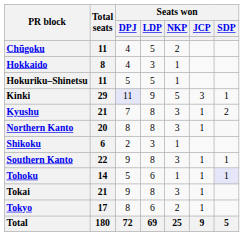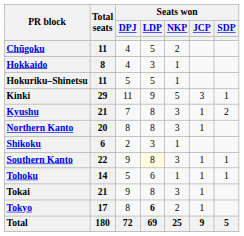 <table class="wikitable" style="text-align:center; font-size: 0.9em;">
 <tr>
 <th rowspan="3">PR block</th>
 <th rowspan="3">Total<br>seats</th>
 <th colspan="5">Seats won</th>
 </tr>
 <tr>
 <th class="unsortable" style="width:30px;"><a href='#'>DPJ</a></th>
 <th class="unsortable" style="width:30px;"><a href='#'>LDP</a></th>
 <th class="unsortable" style="width:30px;"><a href='#'>NKP</a></th>
 <th class="unsortable" style="width:30px;"><a href='#'>JCP</a></th>
 <th class="unsortable" style="width:30px;"><a href='#'>SDP</a></th>
 </tr>
 <tr>
 <th style="background:"></th>
 <th style="background:"></th>
 <th style="background:"></th>
 <th style="background:"></th>
 <th style="background:"></th>
 </tr>
 <tr>
 <th style="text-align: left;"><a href='#'>Chūgoku</a></th>
 <th>11</th>
 <td>4</td>
 <td>5</td>
 <td>2</td>
 <td></td>
 <td></td>
 </tr>
 <tr>
 <th style="text-align: left;"><a href='#'>Hokkaido</a></th>
 <th>8</th>
 <td>4</td>
 <td>3</td>
 <td>1</td>
 <td></td>
 <td></td>
 </tr>
 <tr>
 <th style="text-align: left;">Hokuriku–Shinetsu</th>
 <th>11</th>
 <td>5</td>
 <td>5</td>
 <td>1</td>
 <td></td>
 <td></td>
 </tr>
 <tr>
 <th style="text-align: left;">Kinki</th>
 <th>29</th>
-<td style="background: lavender;">11</td>
+<td>11</td>
 <td>9</td>
 <td>5</td>
 <td>3</td>
 <td>1</td>
 </tr>
 <tr>
 <th style="text-align: left;"><a href='#'>Kyushu</a></th>
 <th>21</th>
 <td>7</td>
 <td>8</td>
 <td>3</td>
 <td>1</td>
 <td>2</td>
 </tr>
 <tr>
 <th style="text-align: left;"><a href='#'>Northern Kanto</a></th>
 <th>20</th>
 <td>8</td>
 <td>8</td>
 <td>3</td>
 <td>1</td>
 <td></td>
 </tr>
 <tr>
 <th style="text-align: left;"><a href='#'>Shikoku</a></th>
 <th>6</th>
 <td>2</td>
 <td>3</td>
 <td>1</td>
 <td></td>
 <td></td>
 </tr>
 <tr>
 <th style="text-align: left;"><a href='#'>Southern Kanto</a></th>
 <th>22</th>
 <td>9</td>
-<td>8</td>
+<td style="background: lightyellow;">8</td>
 <td>3</td>
 <td>1</td>
 <td>1</td>
 </tr>
 <tr>
 <th style="text-align: left;"><a href='#'>Tohoku</a></th>
 <th>14</th>
 <td>5</td>
 <td>6</td>
 <td>1</td>
 <td>1</td>
-<td style="background: lavender;">1</td>
+<td>1</td>
 </tr>
 <tr>
 <th style="text-align: left;">Tokai</th>
 <th>21</th>
 <td>9</td>
 <td>8</td>
 <td>3</td>
 <td>1</td>
 <td></td>
 </tr>
 <tr>
 <th style="text-align: left;"><a href='#'>Tokyo</a></th>
 <th>17</th>
 <td>8</td>
-<td>6</td>
+<td><strong>6</strong></td>
 <td>2</td>
 <td>1</td>
 <td></td>
 </tr>
 <tr class="sortbottom">
 <th style="text-align: left;">Total</th>
 <th>180</th>
 <th>72</th>
 <th>69</th>
 <th>25</th>
 <th>9</th>
 <th>5</th>
 </tr>
 </table>
